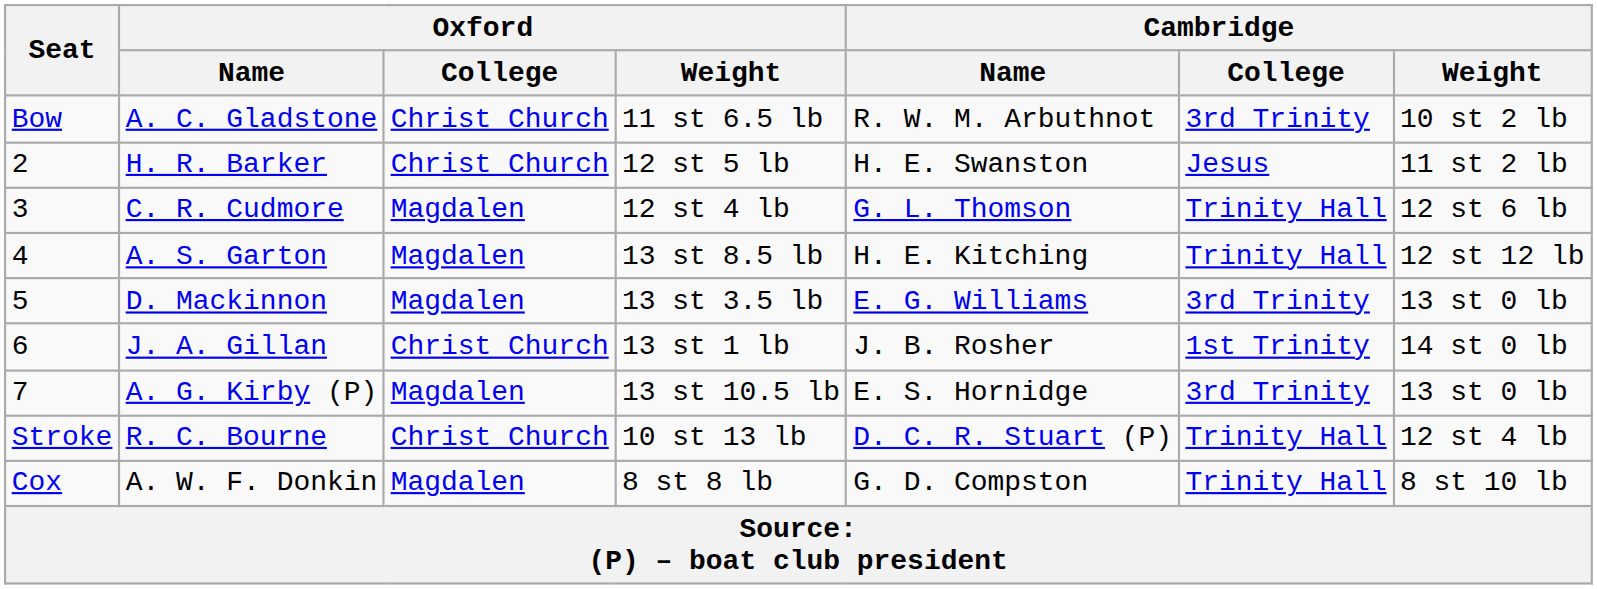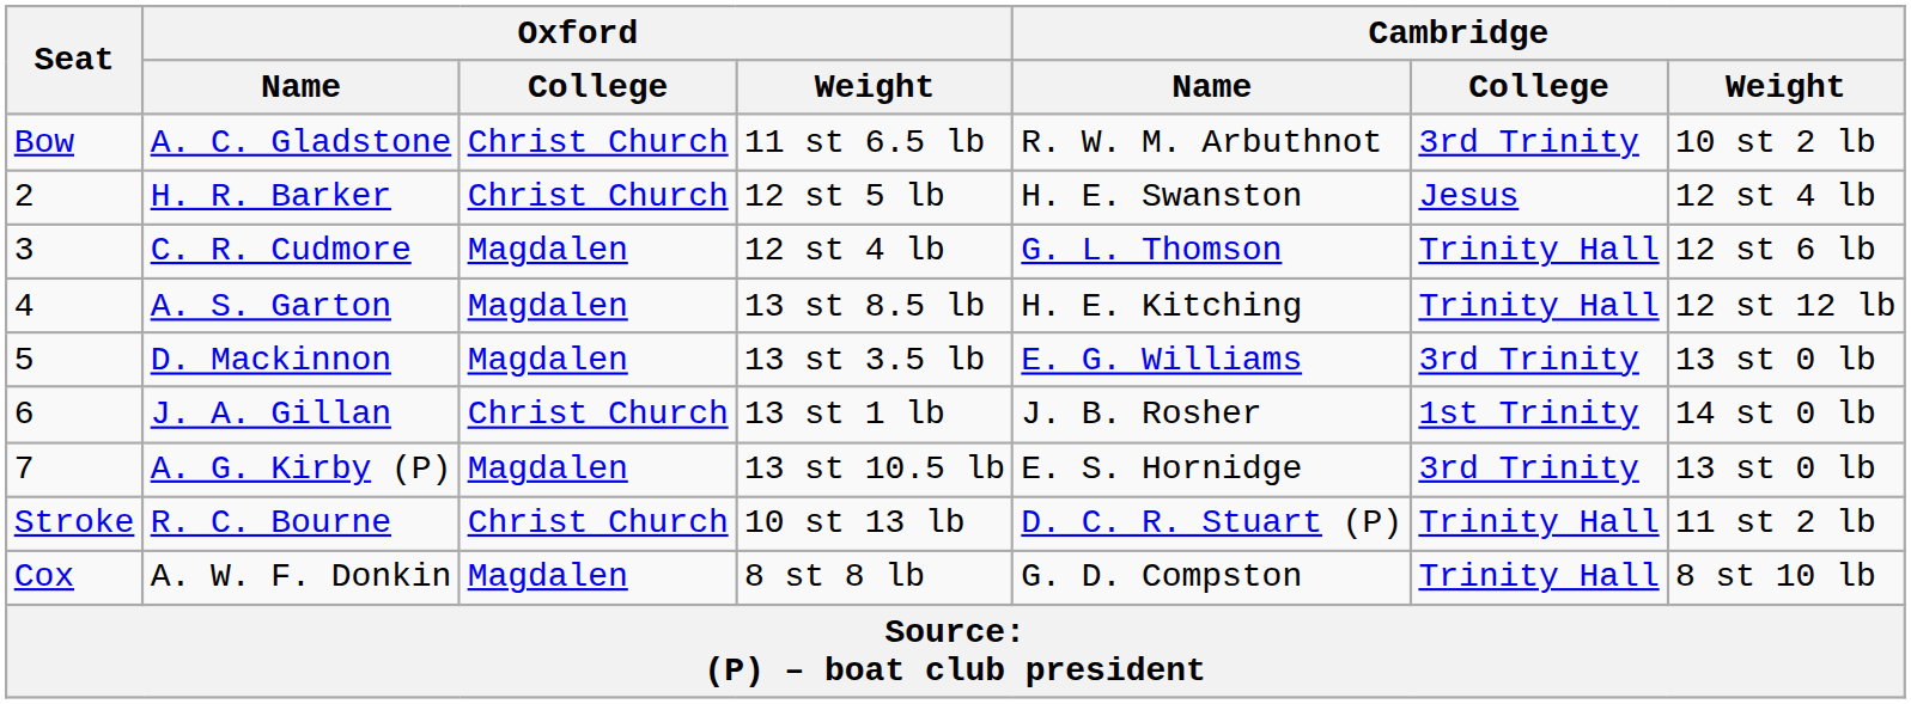 <table class="wikitable">
 <tr>
 <th rowspan="2" scope="col">Seat</th>
 <th colspan="3" scope="col">Oxford <br> </th>
 <th colspan="3" scope="col">Cambridge <br> </th>
 </tr>
 <tr>
 <th>Name</th>
 <th>College</th>
 <th>Weight</th>
 <th>Name</th>
 <th>College</th>
 <th>Weight</th>
 </tr>
 <tr>
 <td><a href='#'>Bow</a></td>
 <td><a href='#'>A. C. Gladstone</a></td>
 <td><a href='#'>Christ Church</a></td>
 <td>11 st 6.5 lb</td>
 <td>R. W. M. Arbuthnot</td>
 <td><a href='#'>3rd Trinity</a></td>
 <td>10 st 2 lb</td>
 </tr>
 <tr>
 <td>2</td>
 <td><a href='#'>H. R. Barker</a></td>
 <td><a href='#'>Christ Church</a></td>
 <td>12 st 5 lb</td>
 <td>H. E. Swanston</td>
 <td><a href='#'>Jesus</a></td>
-<td>11 st 2 lb</td>
+<td>12 st 4 lb</td>
 </tr>
 <tr>
 <td>3</td>
 <td><a href='#'>C. R. Cudmore</a></td>
 <td><a href='#'>Magdalen</a></td>
 <td>12 st 4 lb</td>
 <td><a href='#'>G. L. Thomson</a></td>
 <td><a href='#'>Trinity Hall</a></td>
 <td>12 st 6 lb</td>
 </tr>
 <tr>
 <td>4</td>
 <td><a href='#'>A. S. Garton</a></td>
 <td><a href='#'>Magdalen</a></td>
 <td>13 st 8.5 lb</td>
 <td>H. E. Kitching</td>
 <td><a href='#'>Trinity Hall</a></td>
 <td>12 st 12 lb</td>
 </tr>
 <tr>
 <td>5</td>
 <td><a href='#'>D. Mackinnon</a></td>
 <td><a href='#'>Magdalen</a></td>
 <td>13 st 3.5 lb</td>
 <td><a href='#'>E. G. Williams</a></td>
 <td><a href='#'>3rd Trinity</a></td>
 <td>13 st 0 lb</td>
 </tr>
 <tr>
 <td>6</td>
 <td><a href='#'>J. A. Gillan</a></td>
 <td><a href='#'>Christ Church</a></td>
 <td>13 st 1 lb</td>
 <td>J. B. Rosher</td>
 <td><a href='#'>1st Trinity</a></td>
 <td>14 st 0 lb</td>
 </tr>
 <tr>
 <td>7</td>
 <td><a href='#'>A. G. Kirby</a> (P)</td>
 <td><a href='#'>Magdalen</a></td>
 <td>13 st 10.5 lb</td>
 <td>E. S. Hornidge</td>
 <td><a href='#'>3rd Trinity</a></td>
 <td>13 st 0 lb</td>
 </tr>
 <tr>
 <td><a href='#'>Stroke</a></td>
 <td><a href='#'>R. C. Bourne</a></td>
 <td><a href='#'>Christ Church</a></td>
 <td>10 st 13 lb</td>
 <td><a href='#'>D. C. R. Stuart</a> (P)</td>
 <td><a href='#'>Trinity Hall</a></td>
-<td>12 st 4 lb</td>
+<td>11 st 2 lb</td>
 </tr>
 <tr>
 <td><a href='#'>Cox</a></td>
 <td>A. W. F. Donkin</td>
 <td><a href='#'>Magdalen</a></td>
 <td>8 st 8 lb</td>
 <td>G. D. Compston</td>
 <td><a href='#'>Trinity Hall</a></td>
 <td>8 st 10 lb</td>
 </tr>
 <tr>
 <th colspan="7">Source:<br>(P) – boat club president</th>
 </tr>
 </table>
